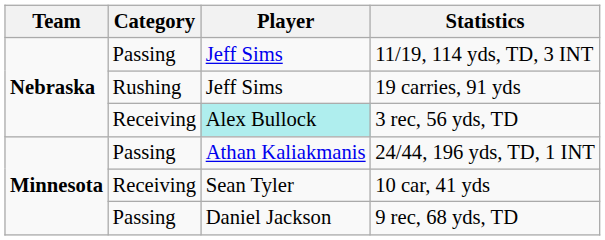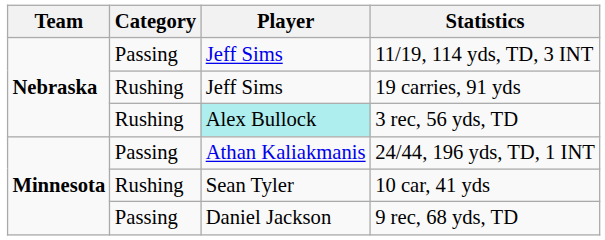 <table class="wikitable" style="float: right;">
 <tr>
 <th>Team</th>
 <th>Category</th>
 <th>Player</th>
 <th>Statistics</th>
 </tr>
 <tr>
 <td rowspan=3><strong>Nebraska</strong></td>
 <td>Passing</td>
 <td><a href='#'>Jeff Sims</a></td>
 <td>11/19, 114 yds, TD, 3 INT</td>
 </tr>
 <tr>
 <td>Rushing</td>
 <td>Jeff Sims</td>
 <td>19 carries, 91 yds</td>
 </tr>
 <tr>
-<td>Receiving</td>
+<td>Rushing</td>
 <td style="background: paleturquoise;">Alex Bullock</td>
 <td>3 rec, 56 yds, TD</td>
 </tr>
 <tr>
 <td rowspan=3><strong>Minnesota</strong></td>
 <td>Passing</td>
 <td><a href='#'>Athan Kaliakmanis</a></td>
 <td>24/44, 196 yds, TD, 1 INT</td>
 </tr>
 <tr>
-<td>Receiving</td>
+<td>Rushing</td>
 <td>Sean Tyler</td>
 <td>10 car, 41 yds</td>
 </tr>
 <tr>
 <td>Passing</td>
 <td>Daniel Jackson</td>
 <td>9 rec, 68 yds, TD</td>
 </tr>
 </table>
